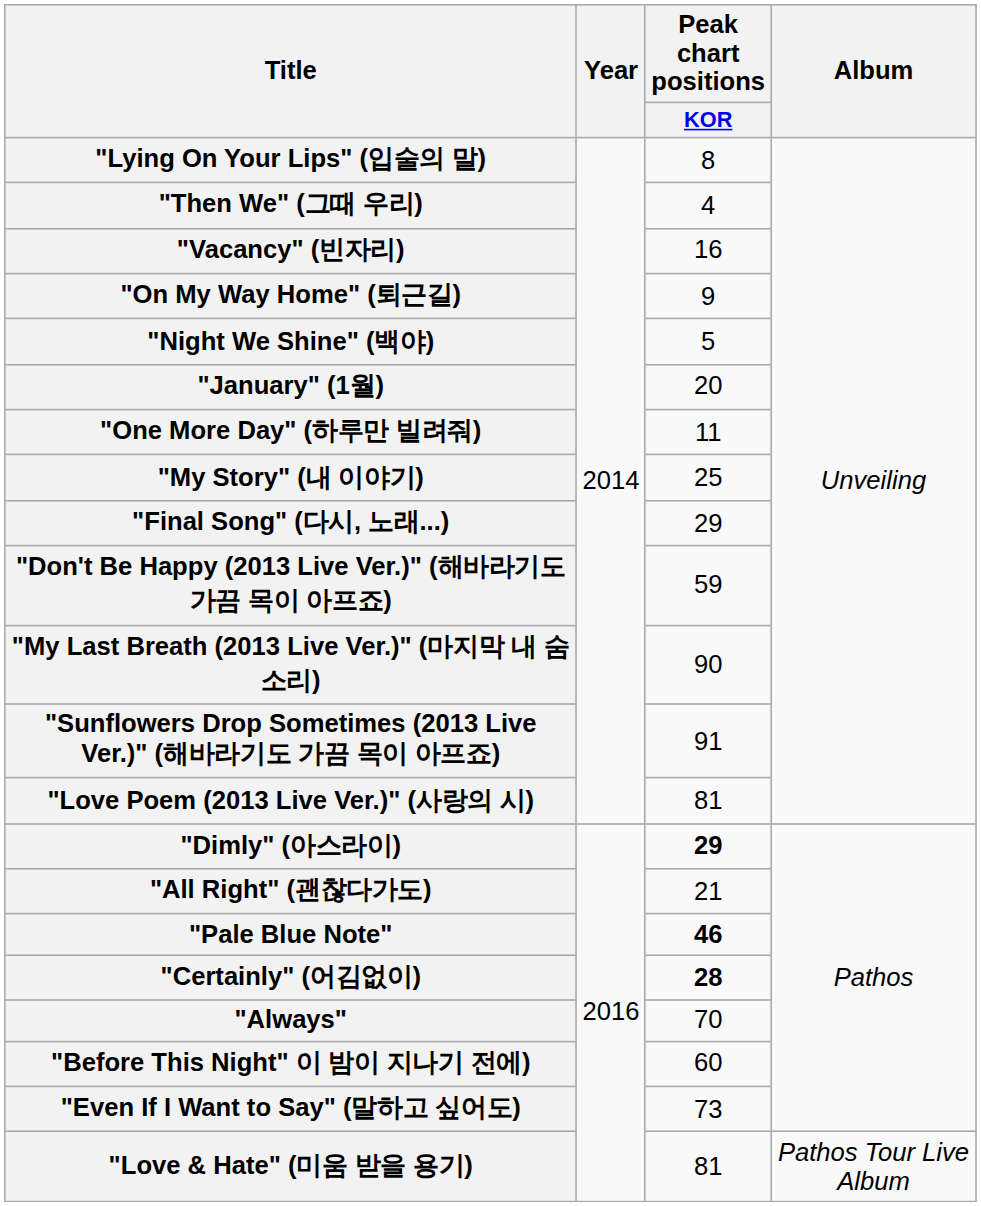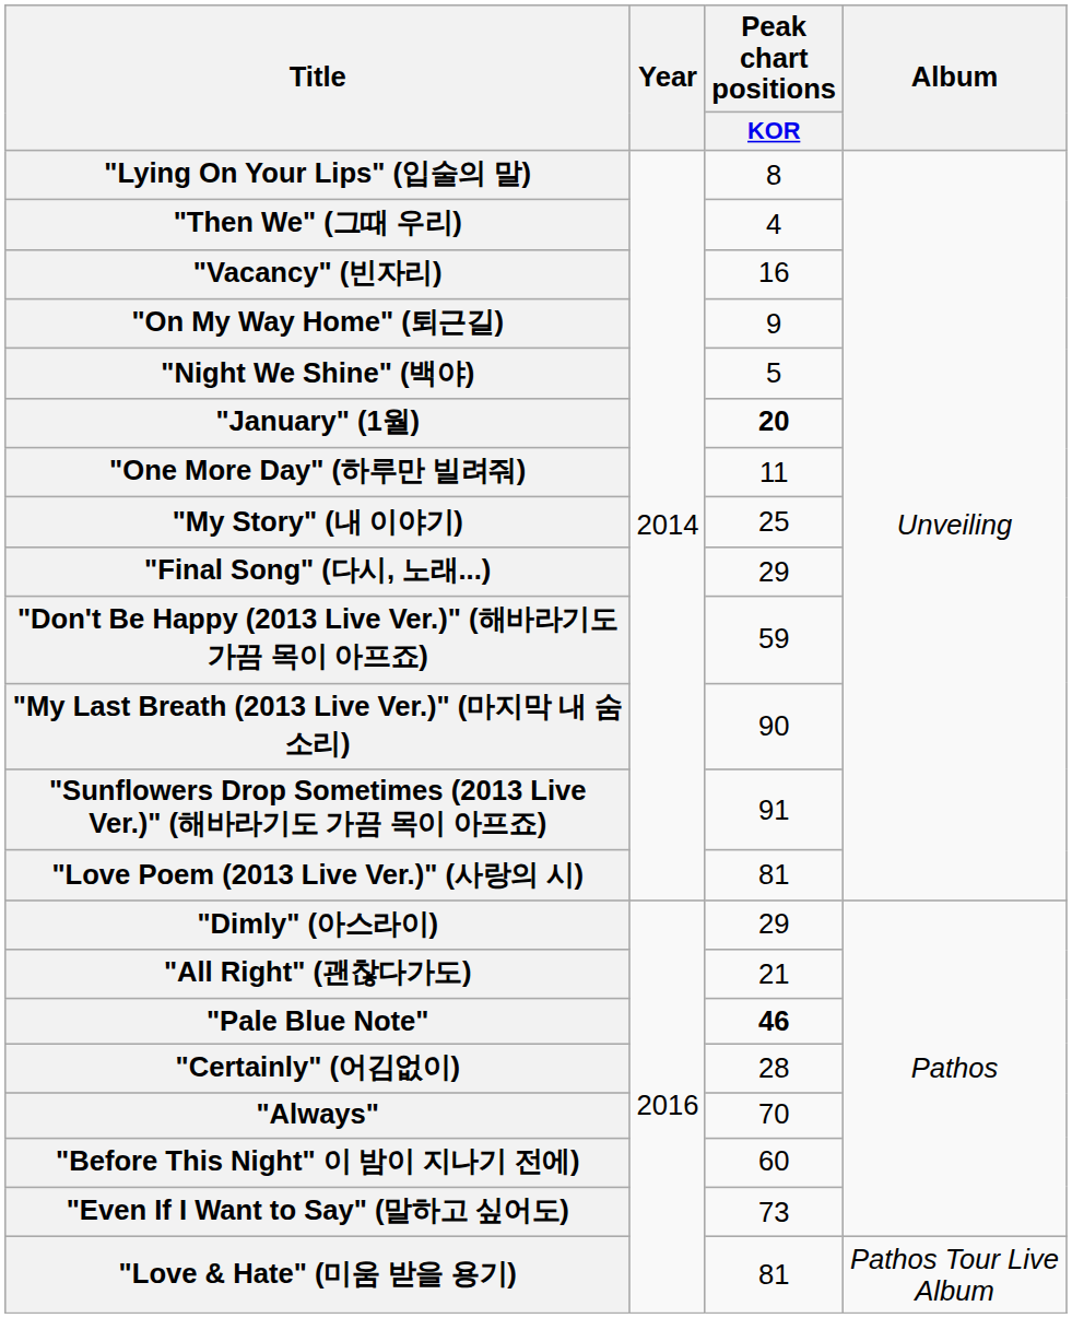 <table class="wikitable plainrowheaders" style="text-align:center;">
 <tr>
 <th scope="col" rowspan="2">Title</th>
 <th scope="col" rowspan="2">Year</th>
 <th scope="col" colspan="1">Peak chart positions</th>
 <th rowspan="2">Album</th>
 </tr>
 <tr>
 <th scope="col" style="width:3em;font-size:85%;"><a href='#'>KOR</a><br></th>
 </tr>
 <tr>
 <th scope="row">"Lying On Your Lips" (입술의 말)</th>
 <td rowspan="13">2014</td>
 <td>8</td>
 <td rowspan="13"><em>Unveiling</em></td>
 </tr>
 <tr>
 <th scope="row">"Then We" (그때 우리)</th>
 <td>4</td>
 </tr>
 <tr>
 <th scope="row">"Vacancy" (빈자리)</th>
 <td>16</td>
 </tr>
 <tr>
 <th scope="row">"On My Way Home" (퇴근길)</th>
 <td>9</td>
 </tr>
 <tr>
 <th scope="row">"Night We Shine" (백야)</th>
 <td>5</td>
 </tr>
 <tr>
 <th scope="row">"January" (1월)</th>
-<td>20</td>
+<td><strong>20</strong></td>
 </tr>
 <tr>
 <th scope="row">"One More Day" (하루만 빌려줘)</th>
 <td>11</td>
 </tr>
 <tr>
 <th scope="row">"My Story" (내 이야기)</th>
 <td>25</td>
 </tr>
 <tr>
 <th scope="row">"Final Song" (다시, 노래...)</th>
 <td>29</td>
 </tr>
 <tr>
 <th scope="row">"Don't Be Happy (2013 Live Ver.)" (해바라기도 가끔 목이 아프죠)</th>
 <td>59</td>
 </tr>
 <tr>
 <th scope="row">"My Last Breath (2013 Live Ver.)" (마지막 내 숨소리)</th>
 <td>90</td>
 </tr>
 <tr>
 <th scope="row">"Sunflowers Drop Sometimes (2013 Live Ver.)" (해바라기도 가끔 목이 아프죠)</th>
 <td>91</td>
 </tr>
 <tr>
 <th scope="row">"Love Poem (2013 Live Ver.)" (사랑의 시)</th>
 <td>81</td>
 </tr>
 <tr>
 <th scope="row">"Dimly" (아스라이)</th>
 <td rowspan="8">2016</td>
-<td><strong>29</strong></td>
+<td>29</td>
 <td rowspan="7"><em>Pathos</em></td>
 </tr>
 <tr>
 <th scope="row">"All Right" (괜찮다가도)</th>
 <td>21</td>
 </tr>
 <tr>
 <th scope="row">"Pale Blue Note"</th>
 <td><strong>46</strong></td>
 </tr>
 <tr>
 <th scope="row">"Certainly" (어김없이)</th>
-<td><strong>28</strong></td>
+<td>28</td>
 </tr>
 <tr>
 <th scope="row">"Always"</th>
 <td>70</td>
 </tr>
 <tr>
 <th scope="row">"Before This Night" 이 밤이 지나기 전에)</th>
 <td>60</td>
 </tr>
 <tr>
 <th scope="row">"Even If I Want to Say" (말하고 싶어도)</th>
 <td>73</td>
 </tr>
 <tr>
 <th scope="row">"Love & Hate" (미움 받을 용기)</th>
 <td>81</td>
 <td><em>Pathos Tour Live Album</em></td>
 </tr>
 </table>
